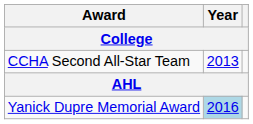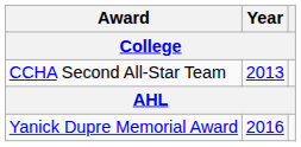 <table class="wikitable">
 <tr>
 <th>Award</th>
 <th>Year</th>
 <th></th>
 </tr>
 <tr>
 <th colspan="3"><a href='#'>College</a></th>
 </tr>
 <tr>
 <td><a href='#'>CCHA</a> Second All-Star Team</td>
 <td><a href='#'>2013</a></td>
 <td></td>
 </tr>
 <tr>
 <th colspan="3"><a href='#'>AHL</a></th>
 </tr>
 <tr>
 <td><a href='#'>Yanick Dupre Memorial Award</a></td>
-<td style="background: lightblue;"><a href='#'>2016</a></td>
+<td><a href='#'>2016</a></td>
 <td></td>
 </tr>
 </table>
